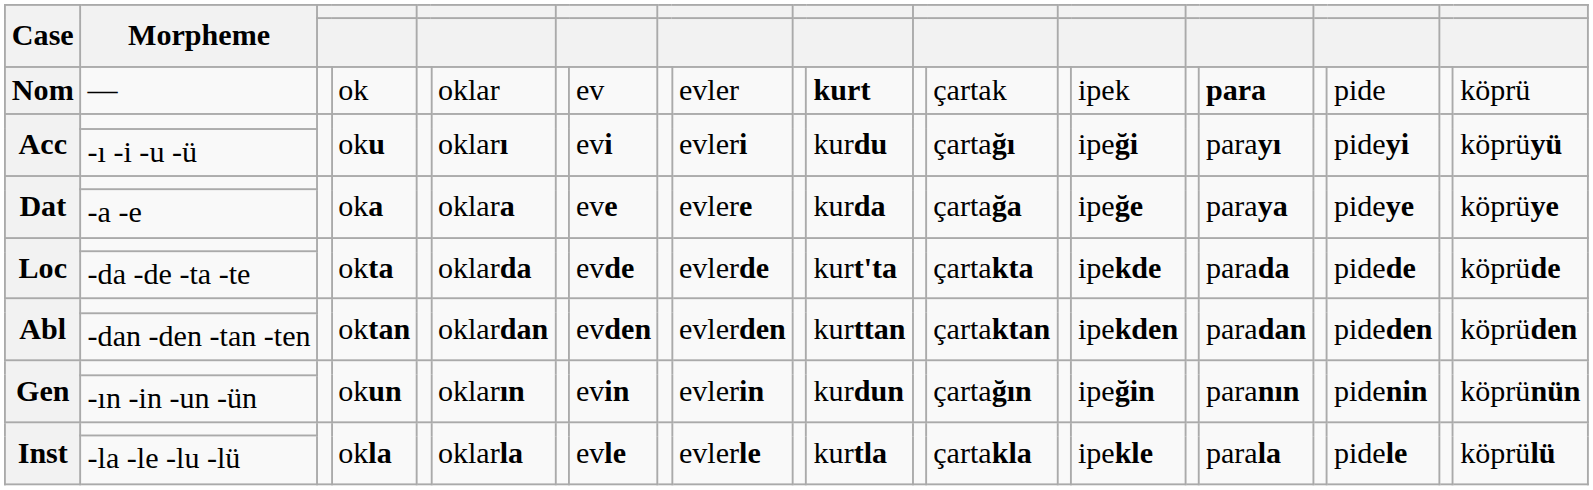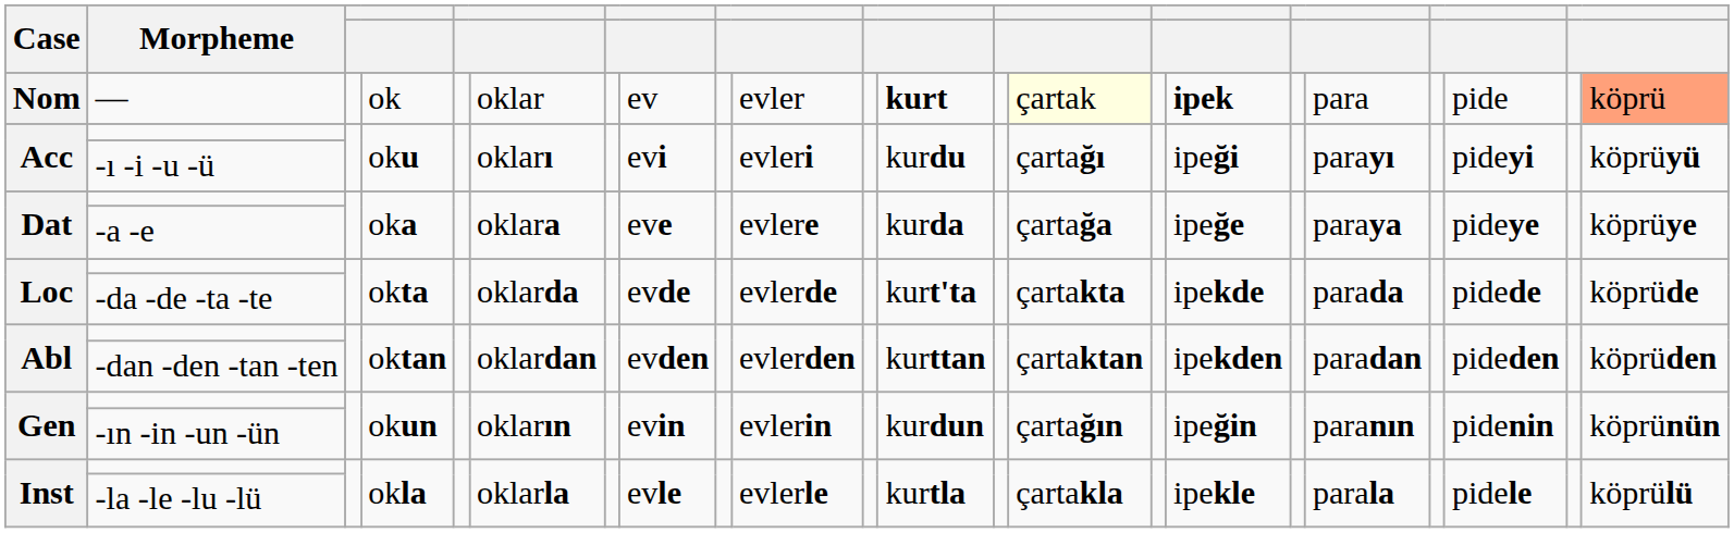 <table class="wikitable">
 <tr>
 <th rowspan=2>Case</th>
 <th rowspan=2>Morpheme</th>
 <th colspan=2></th>
 <th colspan=2></th>
 <th colspan=2></th>
 <th colspan=2></th>
 <th colspan=2></th>
 <th colspan=2></th>
 <th colspan=2></th>
 <th colspan=2></th>
 <th colspan=2></th>
 <th colspan=2></th>
 </tr>
 <tr>
 <th colspan=2><br></th>
 <th colspan=2><br></th>
 <th colspan=2><br></th>
 <th colspan=2><br></th>
 <th colspan=2><br></th>
 <th colspan=2><br></th>
 <th colspan=2><br></th>
 <th colspan=2><br></th>
 <th colspan=2><br></th>
 <th colspan=2><br></th>
 </tr>
 <tr>
 <th>Nom</th>
 <td>—</td>
 <td></td>
 <td>ok</td>
 <td></td>
 <td>oklar</td>
 <td></td>
 <td>ev</td>
 <td></td>
 <td>evler</td>
 <td></td>
 <td><strong>kurt</strong></td>
 <td></td>
-<td>çartak</td>
+<td style="background: lightyellow;">çartak</td>
 <td></td>
-<td>ipek</td>
+<td><strong>ipek</strong></td>
 <td></td>
-<td><strong>para</strong></td>
+<td>para</td>
 <td></td>
 <td>pide</td>
 <td></td>
-<td>köprü</td>
+<td style="background: lightsalmon;">köprü</td>
 </tr>
 <tr>
 <th rowspan=2>Acc</th>
 <td></td>
 <td rowspan=2></td>
 <td rowspan=2>ok<strong>u</strong></td>
 <td rowspan=2></td>
 <td rowspan=2>oklar<strong>ı</strong></td>
 <td rowspan=2></td>
 <td rowspan=2>ev<strong>i</strong></td>
 <td rowspan=2></td>
 <td rowspan=2>evler<strong>i</strong></td>
 <td rowspan=2></td>
 <td rowspan=2>kur<strong>du</strong></td>
 <td rowspan=2></td>
 <td rowspan=2>çarta<strong>ğı</strong></td>
 <td rowspan=2></td>
 <td rowspan=2>ipe<strong>ği</strong></td>
 <td rowspan=2></td>
 <td rowspan=2>para<strong>yı</strong></td>
 <td rowspan=2></td>
 <td rowspan=2>pide<strong>yi</strong></td>
 <td rowspan=2></td>
 <td rowspan=2>köprü<strong>yü</strong></td>
 </tr>
 <tr>
 <td>-ı -i -u -ü</td>
 </tr>
 <tr>
 <th rowspan=2>Dat</th>
 <td></td>
 <td rowspan=2></td>
 <td rowspan=2>ok<strong>a</strong></td>
 <td rowspan=2></td>
 <td rowspan=2>oklar<strong>a</strong></td>
 <td rowspan=2></td>
 <td rowspan=2>ev<strong>e</strong></td>
 <td rowspan=2></td>
 <td rowspan=2>evler<strong>e</strong></td>
 <td rowspan=2></td>
 <td rowspan=2>kur<strong>da</strong></td>
 <td rowspan=2></td>
 <td rowspan=2>çarta<strong>ğa</strong></td>
 <td rowspan=2></td>
 <td rowspan=2>ipe<strong>ğe</strong></td>
 <td rowspan=2></td>
 <td rowspan=2>para<strong>ya</strong></td>
 <td rowspan=2></td>
 <td rowspan=2>pide<strong>ye</strong></td>
 <td rowspan=2></td>
 <td rowspan=2>köprü<strong>ye</strong></td>
 </tr>
 <tr>
 <td>-a -e</td>
 </tr>
 <tr>
 <th rowspan=2>Loc</th>
 <td></td>
 <td rowspan=2></td>
 <td rowspan=2>ok<strong>ta</strong></td>
 <td rowspan=2></td>
 <td rowspan=2>oklar<strong>da</strong></td>
 <td rowspan=2></td>
 <td rowspan=2>ev<strong>de</strong></td>
 <td rowspan=2></td>
 <td rowspan=2>evler<strong>de</strong></td>
 <td rowspan=2></td>
 <td rowspan=2>kur<strong>t'ta</strong></td>
 <td rowspan=2></td>
 <td rowspan=2>çarta<strong>kta</strong></td>
 <td rowspan=2></td>
 <td rowspan=2>ipe<strong>kde</strong></td>
 <td rowspan=2></td>
 <td rowspan=2>para<strong>da</strong></td>
 <td rowspan=2></td>
 <td rowspan=2>pide<strong>de</strong></td>
 <td rowspan=2></td>
 <td rowspan=2>köprü<strong>de</strong></td>
 </tr>
 <tr>
 <td>-da -de -ta -te</td>
 </tr>
 <tr>
 <th rowspan=2>Abl</th>
 <td></td>
 <td rowspan=2></td>
 <td rowspan=2>ok<strong>tan</strong></td>
 <td rowspan=2></td>
 <td rowspan=2>oklar<strong>dan</strong></td>
 <td rowspan=2></td>
 <td rowspan=2>ev<strong>den</strong></td>
 <td rowspan=2></td>
 <td rowspan=2>evler<strong>den</strong></td>
 <td rowspan=2></td>
 <td rowspan=2>kur<strong>ttan</strong></td>
 <td rowspan=2></td>
 <td rowspan=2>çarta<strong>ktan</strong></td>
 <td rowspan=2></td>
 <td rowspan=2>ipe<strong>kden</strong></td>
 <td rowspan=2></td>
 <td rowspan=2>para<strong>dan</strong></td>
 <td rowspan=2></td>
 <td rowspan=2>pide<strong>den</strong></td>
 <td rowspan=2></td>
 <td rowspan=2>köprü<strong>den</strong></td>
 </tr>
 <tr>
 <td>-dan -den -tan -ten</td>
 </tr>
 <tr>
 <th rowspan=2>Gen</th>
 <td></td>
 <td rowspan=2></td>
 <td rowspan=2>ok<strong>un</strong></td>
 <td rowspan=2></td>
 <td rowspan=2>oklar<strong>ın</strong></td>
 <td rowspan=2></td>
 <td rowspan=2>ev<strong>in</strong></td>
 <td rowspan=2></td>
 <td rowspan=2>evler<strong>in</strong></td>
 <td rowspan=2></td>
 <td rowspan=2>kur<strong>dun</strong></td>
 <td rowspan=2></td>
 <td rowspan=2>çarta<strong>ğın</strong></td>
 <td rowspan=2></td>
 <td rowspan=2>ipe<strong>ğin</strong></td>
 <td rowspan=2></td>
 <td rowspan=2>para<strong>nın</strong></td>
 <td rowspan=2></td>
 <td rowspan=2>pide<strong>nin</strong></td>
 <td rowspan=2></td>
 <td rowspan=2>köprü<strong>nün</strong></td>
 </tr>
 <tr>
 <td>-ın -in -un -ün</td>
 </tr>
 <tr>
 <th rowspan=2>Inst</th>
 <td></td>
 <td rowspan=2></td>
 <td rowspan=2>ok<strong>la</strong></td>
 <td rowspan=2></td>
 <td rowspan=2>oklar<strong>la</strong></td>
 <td rowspan=2></td>
 <td rowspan=2>ev<strong>le</strong></td>
 <td rowspan=2></td>
 <td rowspan=2>evler<strong>le</strong></td>
 <td rowspan=2></td>
 <td rowspan=2>kur<strong>tla</strong></td>
 <td rowspan=2></td>
 <td rowspan=2>çarta<strong>kla</strong></td>
 <td rowspan=2></td>
 <td rowspan=2>ipe<strong>kle</strong></td>
 <td rowspan=2></td>
 <td rowspan=2>para<strong>la</strong></td>
 <td rowspan=2></td>
 <td rowspan=2>pide<strong>le</strong></td>
 <td rowspan=2></td>
 <td rowspan=2>köprü<strong>lü</strong></td>
 </tr>
 <tr>
 <td>-la -le -lu -lü</td>
 </tr>
 </table>
